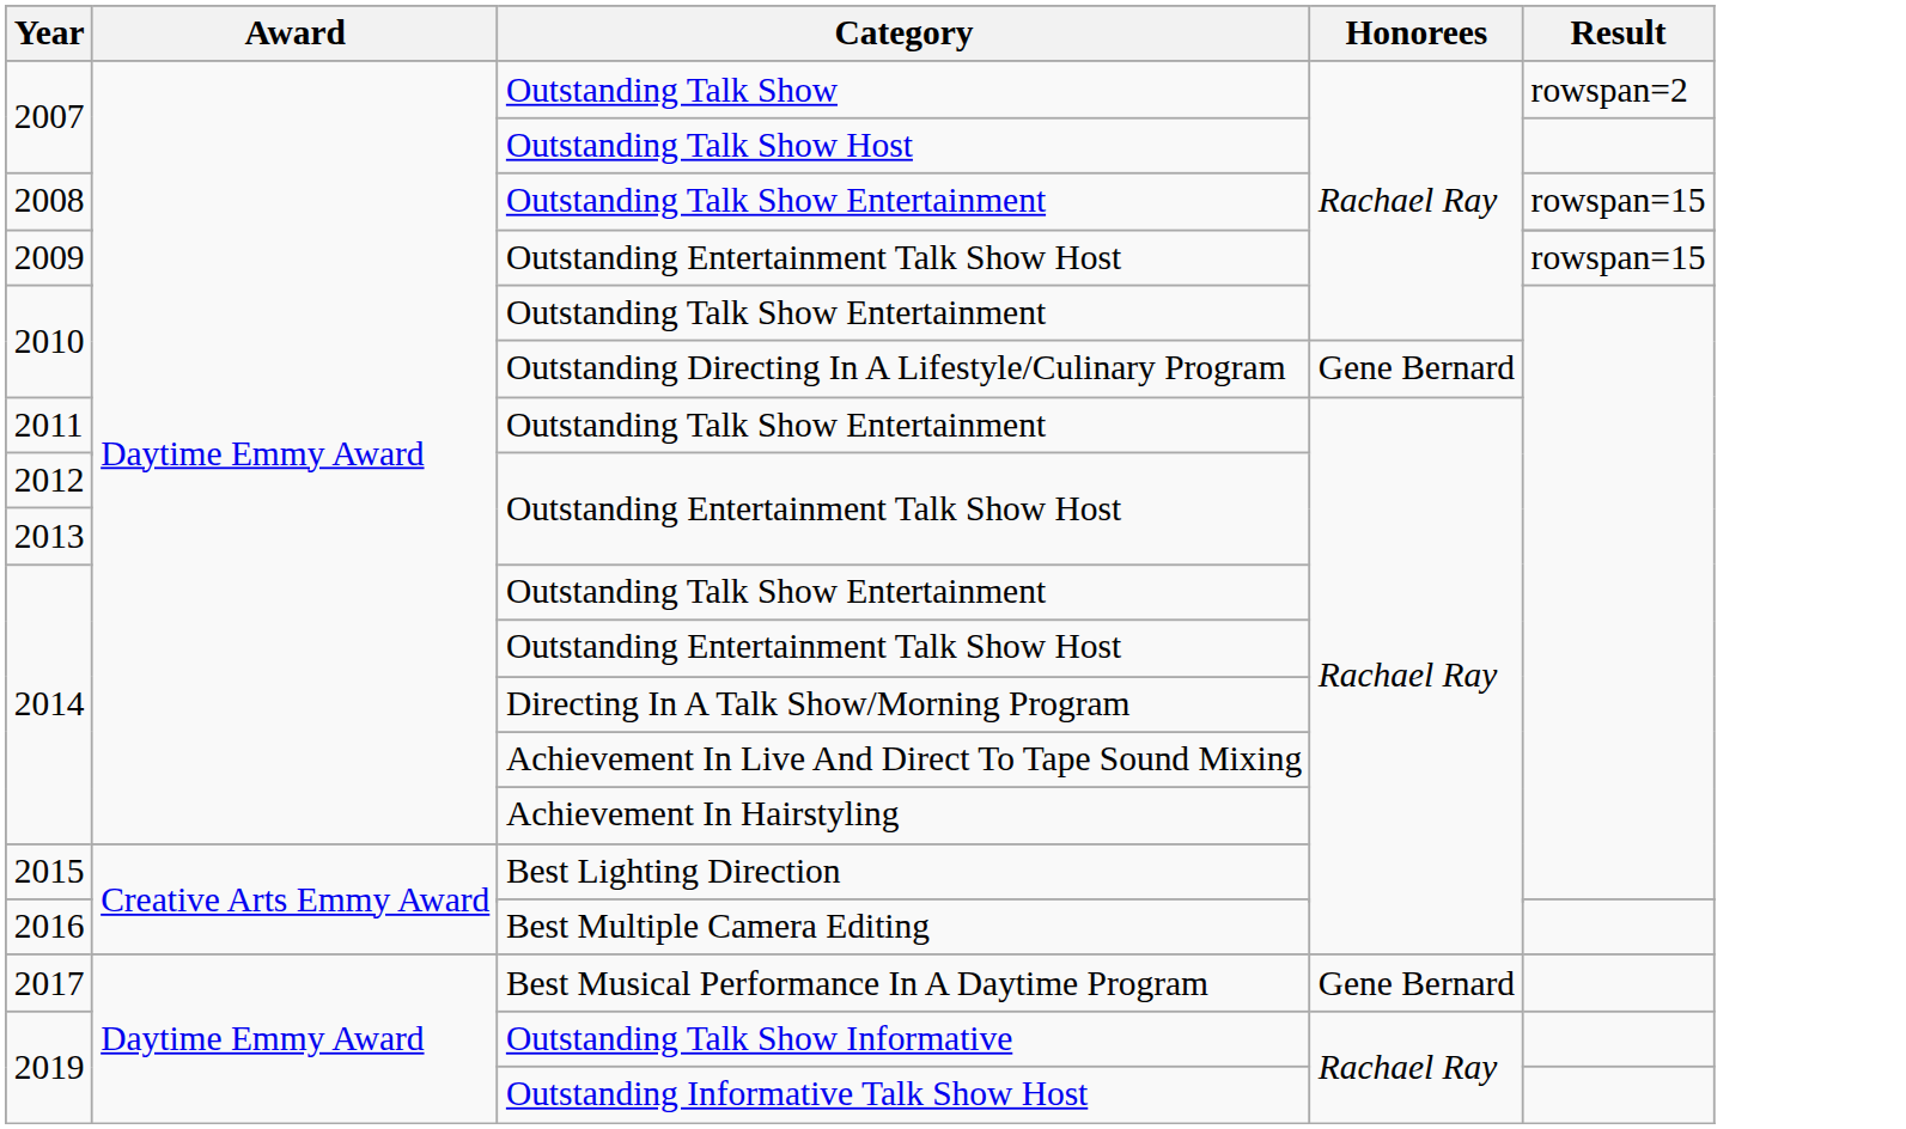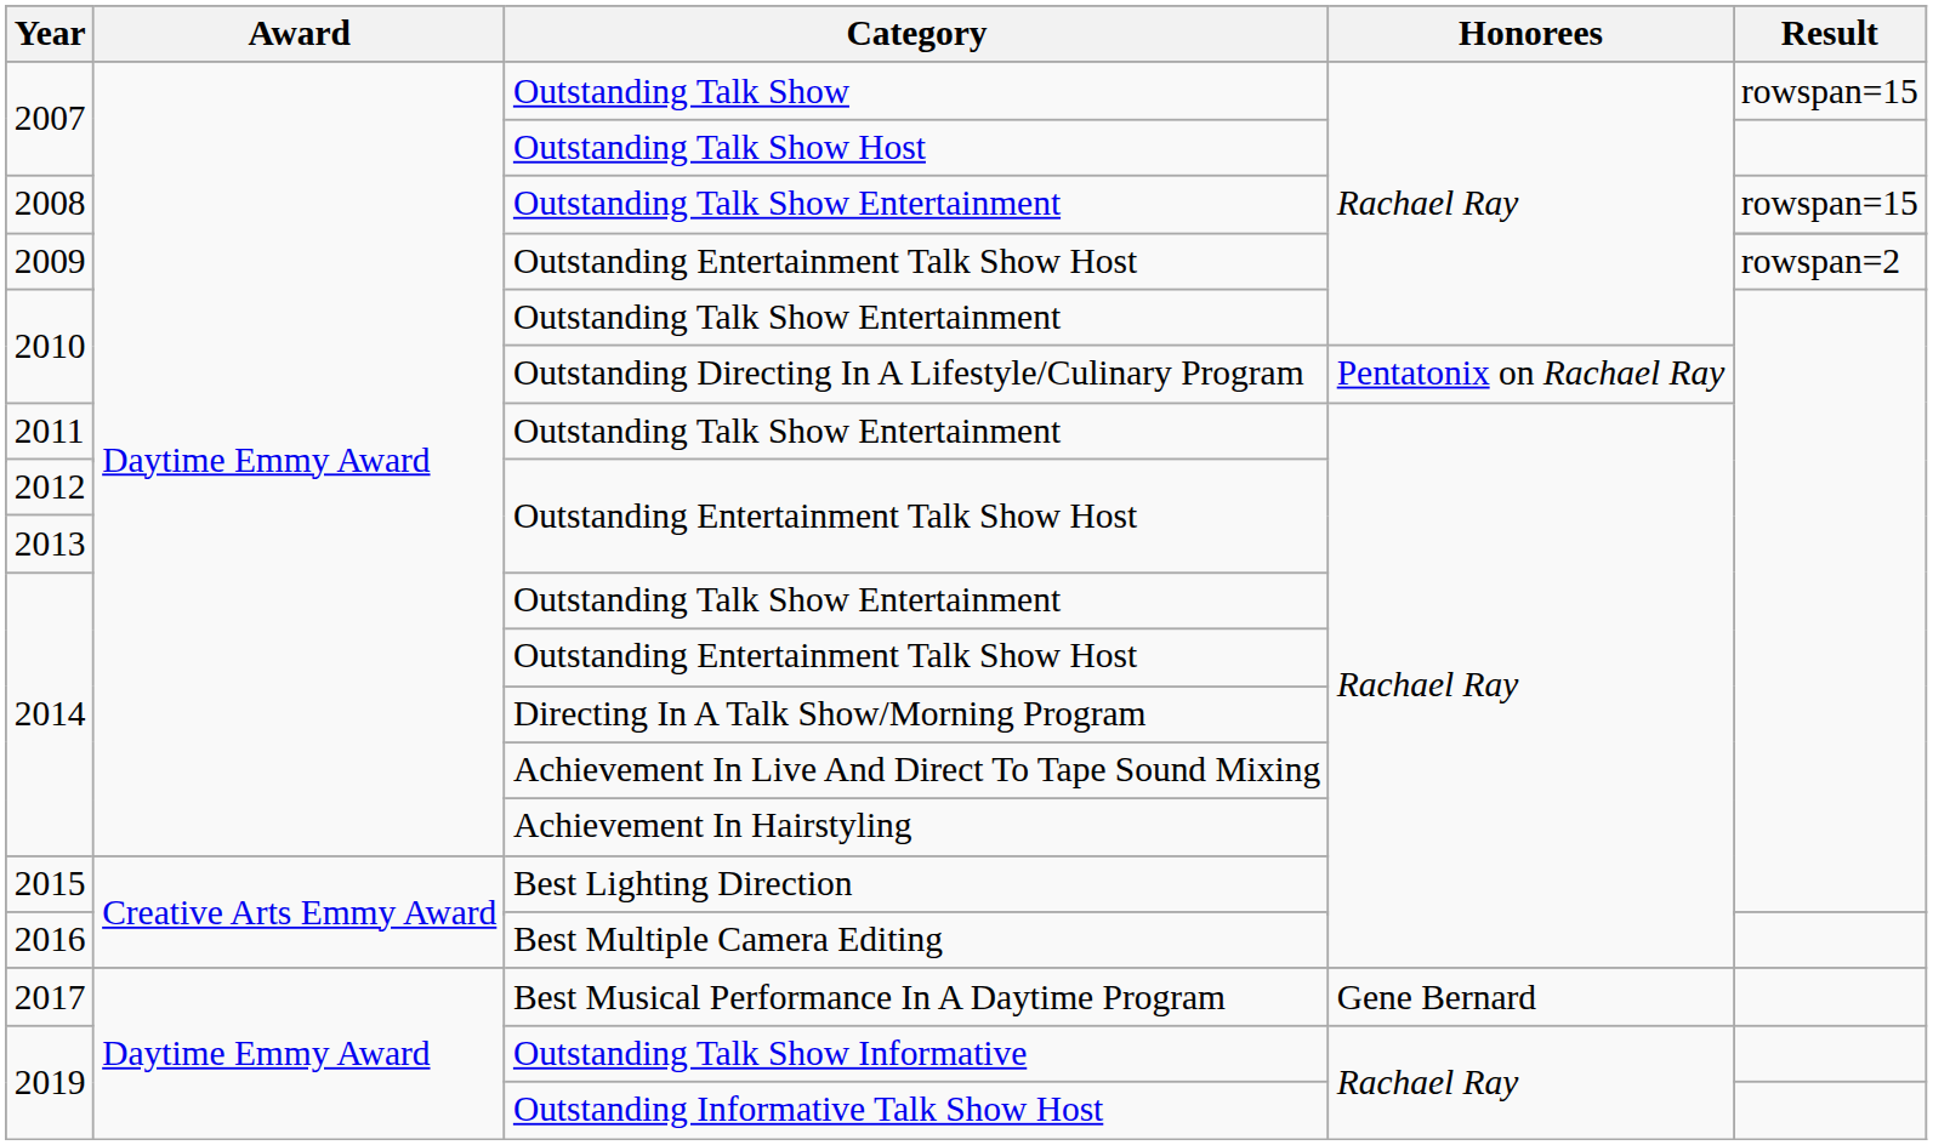 <table class="wikitable">
 <tr>
 <th>Year</th>
 <th>Award</th>
 <th>Category</th>
 <th>Honorees</th>
 <th>Result</th>
 </tr>
 <tr>
 <td rowspan=2>2007</td>
 <td rowspan=17><a href='#'>Daytime Emmy Award</a></td>
 <td><a href='#'>Outstanding Talk Show</a></td>
 <td rowspan=7><em>Rachael Ray</em></td>
-<td>rowspan=2 </td>
+<td>rowspan=15 </td>
 </tr>
 <tr>
 <td><a href='#'>Outstanding Talk Show Host</a></td>
 </tr>
 <tr>
 <td>2008</td>
 <td rowspan=2><a href='#'>Outstanding Talk Show Entertainment</a></td>
 <td>rowspan=15 </td>
 </tr>
 <tr>
 <td rowspan=2>2009</td>
 </tr>
 <tr>
 <td rowspan=2>Outstanding Entertainment Talk Show Host</td>
-<td>rowspan=15 </td>
+<td>rowspan=2 </td>
 </tr>
 <tr>
 <td rowspan=3>2010</td>
 </tr>
 <tr>
 <td>Outstanding Talk Show Entertainment</td>
 </tr>
 <tr>
 <td>Outstanding Directing In A Lifestyle/Culinary Program</td>
-<td>Gene Bernard</td>
+<td><a href='#'>Pentatonix</a> on <em>Rachael Ray</em></td>
 </tr>
 <tr>
 <td rowspan=2>2011</td>
 <td>Outstanding Talk Show Entertainment</td>
 <td rowspan=12><em>Rachael Ray</em></td>
 </tr>
 <tr>
 <td rowspan=3>Outstanding Entertainment Talk Show Host</td>
 </tr>
 <tr>
 <td>2012</td>
 </tr>
 <tr>
 <td>2013</td>
 </tr>
 <tr>
 <td rowspan=5>2014</td>
 <td>Outstanding Talk Show Entertainment</td>
 </tr>
 <tr>
 <td>Outstanding Entertainment Talk Show Host</td>
 </tr>
 <tr>
 <td>Directing In A Talk Show/Morning Program</td>
 </tr>
 <tr>
 <td>Achievement In Live And Direct To Tape Sound Mixing</td>
 </tr>
 <tr>
 <td>Achievement In Hairstyling</td>
 </tr>
 <tr>
 <td>2015</td>
 <td rowspan=3><a href='#'>Creative Arts Emmy Award</a></td>
 <td rowspan=2>Best Lighting Direction</td>
 </tr>
 <tr>
 <td rowspan=2>2016</td>
 </tr>
 <tr>
 <td>Best Multiple Camera Editing</td>
 <td></td>
 </tr>
 <tr>
 <td>2017</td>
 <td rowspan=3><a href='#'>Daytime Emmy Award</a></td>
 <td>Best Musical Performance In A Daytime Program</td>
 <td>Gene Bernard</td>
 <td></td>
 </tr>
 <tr>
 <td rowspan=2>2019</td>
 <td><a href='#'>Outstanding Talk Show Informative</a></td>
 <td rowspan=2><em>Rachael Ray</em></td>
 <td></td>
 </tr>
 <tr>
 <td><a href='#'>Outstanding Informative Talk Show Host</a></td>
 <td></td>
 </tr>
 <tr>
 </tr>
 </table>
